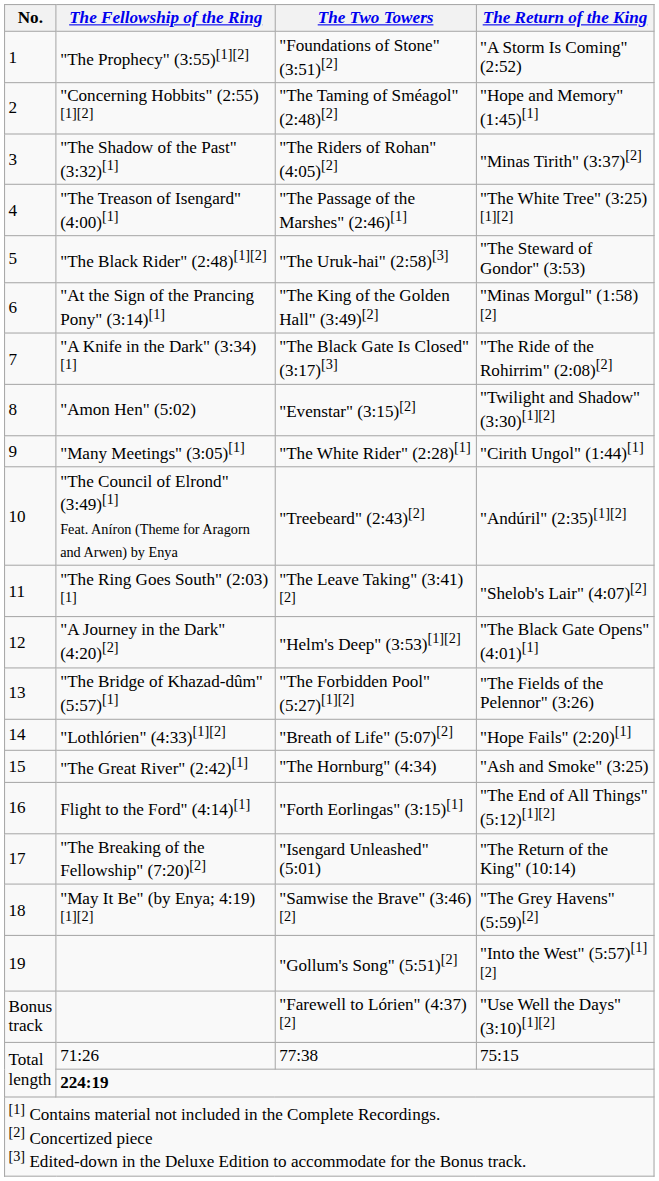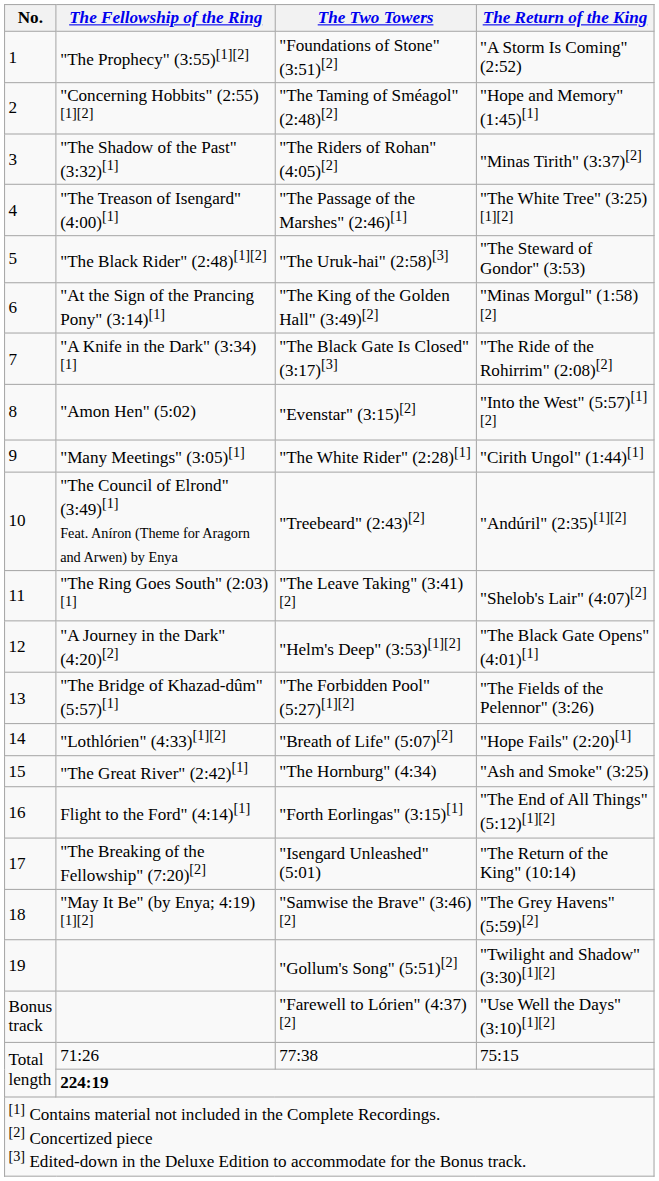 <table class="wikitable">
 <tr>
 <th scope="col" style="width: 40px;">No.</th>
 <th><em><a href='#'>The Fellowship of the Ring</a></em></th>
 <th><em><a href='#'>The Two Towers</a></em></th>
 <th><em><a href='#'>The Return of the King</a></em></th>
 </tr>
 <tr>
 <td>1</td>
 <td>"The Prophecy" (3:55)<sup>[1][2]</sup></td>
 <td>"Foundations of Stone" (3:51)<sup>[2]</sup></td>
 <td>"A Storm Is Coming" (2:52)</td>
 </tr>
 <tr>
 <td>2</td>
 <td>"Concerning Hobbits" (2:55)<sup>[1][2]</sup></td>
 <td>"The Taming of Sméagol" (2:48)<sup>[2]</sup></td>
 <td>"Hope and Memory" (1:45)<sup>[1]</sup></td>
 </tr>
 <tr>
 <td>3</td>
 <td>"The Shadow of the Past" (3:32)<sup>[1]</sup></td>
 <td>"The Riders of Rohan" (4:05)<sup>[2]</sup></td>
 <td>"Minas Tirith" (3:37)<sup>[2]</sup></td>
 </tr>
 <tr>
 <td>4</td>
 <td>"The Treason of Isengard" (4:00)<sup>[1]</sup></td>
 <td>"The Passage of the Marshes" (2:46)<sup>[1]</sup></td>
 <td>"The White Tree" (3:25)<sup>[1][2]</sup></td>
 </tr>
 <tr>
 <td>5</td>
 <td>"The Black Rider" (2:48)<sup>[1][2]</sup></td>
 <td>"The Uruk-hai" (2:58)<sup>[3]</sup></td>
 <td>"The Steward of Gondor" (3:53)</td>
 </tr>
 <tr>
 <td>6</td>
 <td>"At the Sign of the Prancing Pony" (3:14)<sup>[1]</sup></td>
 <td>"The King of the Golden Hall" (3:49)<sup>[2]</sup></td>
 <td>"Minas Morgul" (1:58)<sup>[2]</sup></td>
 </tr>
 <tr>
 <td>7</td>
 <td>"A Knife in the Dark" (3:34)<sup>[1]</sup></td>
 <td>"The Black Gate Is Closed" (3:17)<sup>[3]</sup></td>
 <td>"The Ride of the Rohirrim" (2:08)<sup>[2]</sup></td>
 </tr>
 <tr>
 <td>8</td>
 <td>"Amon Hen" (5:02)</td>
 <td>"Evenstar" (3:15)<sup>[2]</sup></td>
-<td>"Twilight and Shadow" (3:30)<sup>[1][2]</sup></td>
+<td>"Into the West" (5:57)<sup>[1][2]</sup></td>
 </tr>
 <tr>
 <td>9</td>
 <td>"Many Meetings" (3:05)<sup>[1]</sup></td>
 <td>"The White Rider" (2:28)<sup>[1]</sup></td>
 <td>"Cirith Ungol" (1:44)<sup>[1]</sup></td>
 </tr>
 <tr>
 <td>10</td>
 <td>"The Council of Elrond" (3:49)<sup>[1]</sup><br><sub>Feat. Aníron (Theme for Aragorn and Arwen) by Enya</sub></td>
 <td>"Treebeard" (2:43)<sup>[2]</sup></td>
 <td>"Andúril" (2:35)<sup>[1][2]</sup></td>
 </tr>
 <tr>
 <td>11</td>
 <td>"The Ring Goes South" (2:03)<sup>[1]</sup></td>
 <td>"The Leave Taking" (3:41)<sup>[2]</sup></td>
 <td>"Shelob's Lair" (4:07)<sup>[2]</sup></td>
 </tr>
 <tr>
 <td>12</td>
 <td>"A Journey in the Dark" (4:20)<sup>[2]</sup></td>
 <td>"Helm's Deep" (3:53)<sup>[1][2]</sup></td>
 <td>"The Black Gate Opens" (4:01)<sup>[1]</sup></td>
 </tr>
 <tr>
 <td>13</td>
 <td>"The Bridge of Khazad-dûm" (5:57)<sup>[1]</sup></td>
 <td>"The Forbidden Pool" (5:27)<sup>[1][2]</sup></td>
 <td>"The Fields of the Pelennor" (3:26)</td>
 </tr>
 <tr>
 <td>14</td>
 <td>"Lothlórien" (4:33)<sup>[1][2]</sup></td>
 <td>"Breath of Life" (5:07)<sup>[2]</sup></td>
 <td>"Hope Fails" (2:20)<sup>[1]</sup></td>
 </tr>
 <tr>
 <td>15</td>
 <td>"The Great River" (2:42)<sup>[1]</sup></td>
 <td>"The Hornburg" (4:34)</td>
 <td>"Ash and Smoke" (3:25)</td>
 </tr>
 <tr>
 <td>16</td>
 <td>Flight to the Ford" (4:14)<sup>[1]</sup></td>
 <td>"Forth Eorlingas" (3:15)<sup>[1]</sup></td>
 <td>"The End of All Things" (5:12)<sup>[1][2]</sup></td>
 </tr>
 <tr>
 <td>17</td>
 <td>"The Breaking of the Fellowship" (7:20)<sup>[2]</sup></td>
 <td>"Isengard Unleashed" (5:01)</td>
 <td>"The Return of the King" (10:14)</td>
 </tr>
 <tr>
 <td>18</td>
 <td>"May It Be" (by Enya; 4:19)<sup>[1][2]</sup></td>
 <td>"Samwise the Brave" (3:46)<sup>[2]</sup></td>
 <td>"The Grey Havens" (5:59)<sup>[2]</sup></td>
 </tr>
 <tr>
 <td>19</td>
 <td></td>
 <td>"Gollum's Song" (5:51)<sup>[2]</sup></td>
-<td>"Into the West" (5:57)<sup>[1][2]</sup></td>
+<td>"Twilight and Shadow" (3:30)<sup>[1][2]</sup></td>
 </tr>
 <tr>
 <td>Bonus track</td>
 <td></td>
 <td>"Farewell to Lórien" (4:37)<sup>[2]</sup></td>
 <td>"Use Well the Days" (3:10)<sup>[1][2]</sup></td>
 </tr>
 <tr>
 <td rowspan=2>Total length</td>
 <td>71:26</td>
 <td>77:38</td>
 <td>75:15</td>
 </tr>
 <tr>
 <td colspan=3><strong>224:19</strong></td>
 </tr>
 <tr>
 <td colspan=4><sup>[1]</sup> Contains material not included in the Complete Recordings.<br><sup>[2]</sup> Concertized piece<br><sup>[3]</sup> Edited-down in the Deluxe Edition to accommodate for the Bonus track.</td>
 </tr>
 </table>
